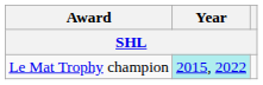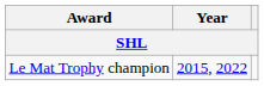 <table class="wikitable">
 <tr>
 <th>Award</th>
 <th>Year</th>
 <th></th>
 </tr>
 <tr>
 <th colspan="3"><a href='#'>SHL</a></th>
 </tr>
 <tr>
 <td><a href='#'>Le Mat Trophy</a> champion</td>
-<td style="background: paleturquoise;"><a href='#'>2015</a>, <a href='#'>2022</a></td>
+<td><a href='#'>2015</a>, <a href='#'>2022</a></td>
 <td></td>
 </tr>
 </table>
